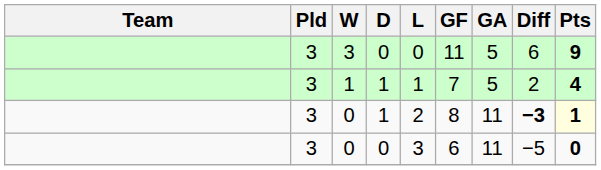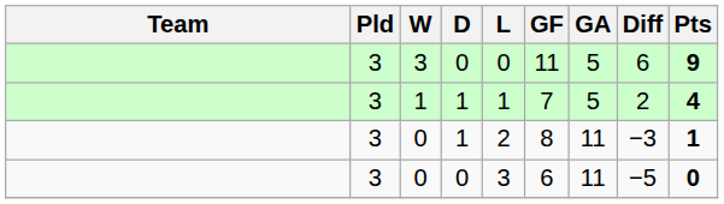 <table class="wikitable" style="text-align: center;">
 <tr>
 <th width=220>Team</th>
 <th width=20>Pld</th>
 <th width=20>W</th>
 <th width=20>D</th>
 <th width=20>L</th>
 <th width=20>GF</th>
 <th width=20>GA</th>
 <th width=20>Diff</th>
 <th width=20>Pts</th>
 </tr>
 <tr bgcolor=ccffcc>
 <td align="left"></td>
 <td>3</td>
 <td>3</td>
 <td>0</td>
 <td>0</td>
 <td>11</td>
 <td>5</td>
 <td>6</td>
 <td><strong>9</strong></td>
 </tr>
 <tr bgcolor=ccffcc>
 <td align="left"></td>
 <td>3</td>
 <td>1</td>
 <td>1</td>
 <td>1</td>
 <td>7</td>
 <td>5</td>
 <td>2</td>
 <td><strong>4</strong></td>
 </tr>
 <tr>
 <td align="left"></td>
 <td>3</td>
 <td>0</td>
 <td>1</td>
 <td>2</td>
 <td>8</td>
 <td>11</td>
-<td><strong>−3</strong></td>
-<td style="background: lightyellow;"><strong>1</strong></td>
+<td>−3</td>
+<td><strong>1</strong></td>
 </tr>
 <tr>
 <td align="left"></td>
 <td>3</td>
 <td>0</td>
 <td>0</td>
 <td>3</td>
 <td>6</td>
 <td>11</td>
 <td>−5</td>
 <td><strong>0</strong></td>
 </tr>
 <tr>
 </tr>
 </table>
